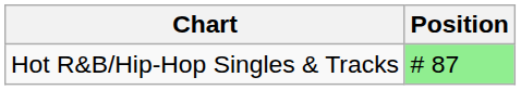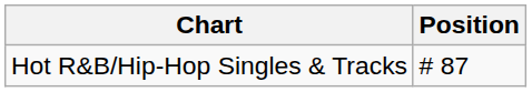 <table class="wikitable">
 <tr>
 <th align="left">Chart</th>
 <th align="left">Position</th>
 </tr>
 <tr>
 <td align="left">Hot R&B/Hip-Hop Singles & Tracks</td>
-<td align="left" style="background: lightgreen;"># 87</td>
+<td align="left"># 87</td>
 </tr>
 </table>
